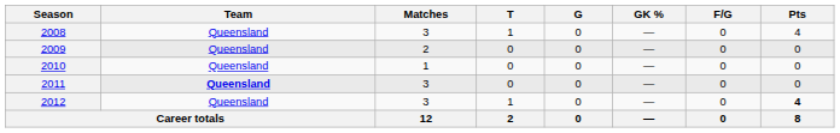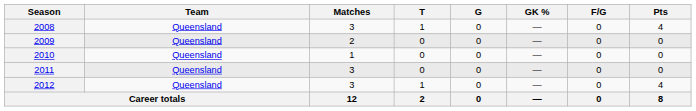 <table class="wikitable sortable"  style="font-size:90%; text-align:center; width:85%;">
 <tr>
 <th width=2%>Season</th>
 <th width=8%>Team</th>
 <th width=2%>Matches</th>
 <th width=2%>T</th>
 <th width=2%>G</th>
 <th width=2%>GK %</th>
 <th width=2%>F/G</th>
 <th width=2%>Pts</th>
 </tr>
 <tr>
 <th scope="row" style="text-align:center; font-weight:normal"><a href='#'>2008</a></th>
 <td style="text-align:center;"><a href='#'>Queensland</a></td>
 <td>3</td>
 <td>1</td>
 <td>0</td>
 <td>—</td>
 <td>0</td>
 <td>4</td>
 </tr>
 <tr style="background-color: #EAEAEA">
 <th scope="row" style="text-align:center; font-weight:normal"><a href='#'>2009</a></th>
 <td style="text-align:center;"><a href='#'>Queensland</a></td>
 <td>2</td>
 <td>0</td>
 <td>0</td>
 <td>—</td>
 <td>0</td>
 <td>0</td>
 </tr>
 <tr>
 <th scope="row" style="text-align:center; font-weight:normal"><a href='#'>2010</a></th>
 <td style="text-align:center;"><a href='#'>Queensland</a></td>
 <td>1</td>
 <td>0</td>
 <td>0</td>
 <td>—</td>
 <td>0</td>
 <td>0</td>
 </tr>
 <tr style="background-color: #EAEAEA">
 <th scope="row" style="text-align:center; font-weight:normal"><a href='#'>2011</a></th>
-<td style="text-align:center;"><strong><a href='#'>Queensland</a></strong></td>
+<td style="text-align:center;"><a href='#'>Queensland</a></td>
 <td>3</td>
 <td>0</td>
 <td>0</td>
 <td>—</td>
 <td>0</td>
 <td>0</td>
 </tr>
 <tr>
 <th scope="row" style="text-align:center; font-weight:normal"><a href='#'>2012</a></th>
 <td style="text-align:center;"><a href='#'>Queensland</a></td>
 <td>3</td>
 <td>1</td>
 <td>0</td>
 <td>—</td>
 <td>0</td>
-<td><strong>4</strong></td>
+<td>4</td>
 </tr>
 <tr class="sortbottom">
 <th colspan=2>Career totals</th>
 <th>12</th>
 <th>2</th>
 <th>0</th>
 <th>—</th>
 <th>0</th>
 <th>8</th>
 </tr>
 </table>
